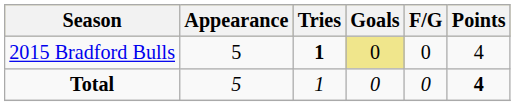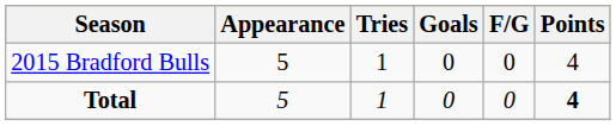 <table class="wikitable" style="text-align:center;">
 <tr bgcolor=#bdb76b>
 <th>Season</th>
 <th>Appearance</th>
 <th>Tries</th>
 <th>Goals</th>
 <th>F/G</th>
 <th>Points</th>
 </tr>
 <tr>
 <td><a href='#'>2015 Bradford Bulls</a></td>
 <td>5</td>
-<td><strong>1</strong></td>
-<td style="background: khaki;">0</td>
+<td>1</td>
+<td>0</td>
 <td>0</td>
 <td>4</td>
 </tr>
 <tr>
 <td><strong>Total</strong></td>
 <td><em>5</em></td>
 <td><em>1</em></td>
 <td><em>0</em></td>
 <td><em>0</em></td>
 <td><strong>4</strong></td>
 </tr>
 <tr>
 </tr>
 </table>
